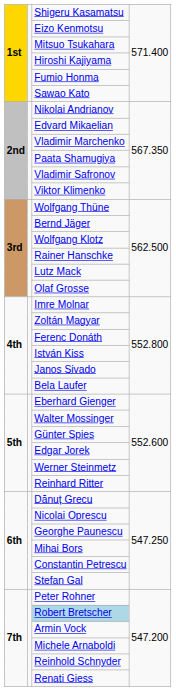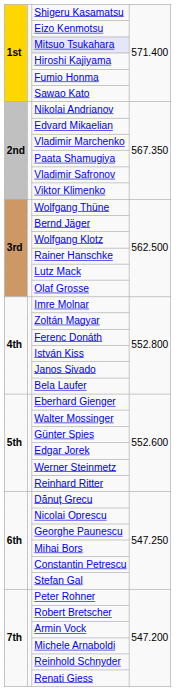 <table class="wikitable">
 <tr>
 <td bgcolor=gold rowspan="6"><strong>1st</strong></td>
 <td rowspan="6"><strong></strong></td>
 <td><a href='#'>Shigeru Kasamatsu</a></td>
 <td rowspan="6">571.400</td>
 </tr>
 <tr>
 <td align=left><a href='#'>Eizo Kenmotsu</a></td>
 </tr>
 <tr>
-<td align=left><a href='#'>Mitsuo Tsukahara</a></td>
+<td align=left style="background: lavender;"><a href='#'>Mitsuo Tsukahara</a></td>
 </tr>
 <tr>
 <td align=left><a href='#'>Hiroshi Kajiyama</a></td>
 </tr>
 <tr>
 <td align=left><a href='#'>Fumio Honma</a></td>
 </tr>
 <tr>
 <td align=left><a href='#'>Sawao Kato</a></td>
 </tr>
 <tr>
 <td bgcolor=silver rowspan="6"><strong>2nd</strong></td>
 <td rowspan="6"><strong></strong></td>
 <td><a href='#'>Nikolai Andrianov</a></td>
 <td rowspan="6">567.350</td>
 </tr>
 <tr>
 <td align=left><a href='#'>Edvard Mikaelian</a></td>
 </tr>
 <tr>
 <td align=left><a href='#'>Vladimir Marchenko</a></td>
 </tr>
 <tr>
 <td align=left><a href='#'>Paata Shamugiya</a></td>
 </tr>
 <tr>
 <td align=left><a href='#'>Vladimir Safronov</a></td>
 </tr>
 <tr>
 <td align=left><a href='#'>Viktor Klimenko</a></td>
 </tr>
 <tr>
 <td bgcolor=CC9966 rowspan="6"><strong>3rd</strong></td>
 <td rowspan="6"><strong></strong></td>
 <td><a href='#'>Wolfgang Thüne</a></td>
 <td rowspan="6">562.500</td>
 </tr>
 <tr>
 <td align=left><a href='#'>Bernd Jäger</a></td>
 </tr>
 <tr>
 <td align=left><a href='#'>Wolfgang Klotz</a></td>
 </tr>
 <tr>
 <td align=left><a href='#'>Rainer Hanschke</a></td>
 </tr>
 <tr>
 <td align=left><a href='#'>Lutz Mack</a></td>
 </tr>
 <tr>
 <td align=left><a href='#'>Olaf Grosse</a></td>
 </tr>
 <tr>
 <td rowspan="6"><strong>4th</strong></td>
 <td rowspan="6"><strong></strong></td>
 <td><a href='#'>Imre Molnar</a></td>
 <td rowspan="6">552.800</td>
 </tr>
 <tr>
 <td align=left><a href='#'>Zoltán Magyar</a></td>
 </tr>
 <tr>
 <td align=left><a href='#'>Ferenc Donáth</a></td>
 </tr>
 <tr>
 <td align=left><a href='#'>István Kiss</a></td>
 </tr>
 <tr>
 <td align=left><a href='#'>Janos Sivado</a></td>
 </tr>
 <tr>
 <td align=left><a href='#'>Bela Laufer</a></td>
 </tr>
 <tr>
 <td rowspan="6"><strong>5th</strong></td>
 <td rowspan="6"><strong></strong></td>
 <td><a href='#'>Eberhard Gienger</a></td>
 <td rowspan="6">552.600</td>
 </tr>
 <tr>
 <td align=left><a href='#'>Walter Mossinger</a></td>
 </tr>
 <tr>
 <td align=left><a href='#'>Günter Spies</a></td>
 </tr>
 <tr>
 <td align=left><a href='#'>Edgar Jorek</a></td>
 </tr>
 <tr>
 <td align=left><a href='#'>Werner Steinmetz</a></td>
 </tr>
 <tr>
 <td align=left><a href='#'>Reinhard Ritter</a></td>
 </tr>
 <tr>
 <td rowspan="6"><strong>6th</strong></td>
 <td rowspan="6"><strong></strong></td>
 <td><a href='#'>Dănuț Grecu</a></td>
 <td rowspan="6">547.250</td>
 </tr>
 <tr>
 <td align=left><a href='#'>Nicolai Oprescu</a></td>
 </tr>
 <tr>
 <td align=left><a href='#'>Georghe Paunescu</a></td>
 </tr>
 <tr>
 <td align=left><a href='#'>Mihai Bors</a></td>
 </tr>
 <tr>
 <td align=left><a href='#'>Constantin Petrescu</a></td>
 </tr>
 <tr>
 <td align=left><a href='#'>Stefan Gal</a></td>
 </tr>
 <tr>
 <td rowspan="6"><strong>7th</strong></td>
 <td rowspan="6"><strong></strong></td>
 <td><a href='#'>Peter Rohner</a></td>
 <td rowspan="6">547.200</td>
 </tr>
 <tr>
-<td align=left style="background: lightblue;"><a href='#'>Robert Bretscher</a></td>
+<td align=left><a href='#'>Robert Bretscher</a></td>
 </tr>
 <tr>
 <td align=left><a href='#'>Armin Vock</a></td>
 </tr>
 <tr>
 <td align=left><a href='#'>Michele Arnaboldi</a></td>
 </tr>
 <tr>
 <td align=left><a href='#'>Reinhold Schnyder</a></td>
 </tr>
 <tr>
 <td align=left><a href='#'>Renati Giess</a></td>
 </tr>
 </table>
